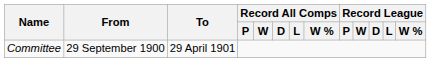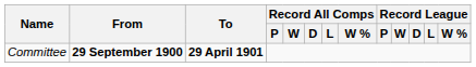 <table style="text-align: center" class="wikitable">
 <tr>
 <th rowspan="2">Name</th>
 <th rowspan="2">From</th>
 <th rowspan="2">To</th>
 <th colspan="5">Record All Comps</th>
 <th colspan="5">Record League</th>
 </tr>
 <tr>
 <th>P</th>
 <th>W</th>
 <th>D</th>
 <th>L</th>
 <th>W %</th>
 <th>P</th>
 <th>W</th>
 <th>D</th>
 <th>L</th>
 <th>W %</th>
 </tr>
 <tr>
 <td style="text-align:left;"><em>Committee</em></td>
-<td>29 September 1900</td>
-<td>29 April 1901<br> </td>
+<td><strong>29 September 1900</strong></td>
+<td><strong>29 April 1901<br> </strong></td>
 </tr>
 </table>
